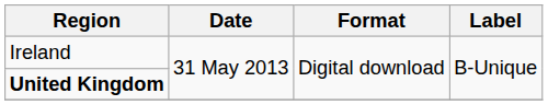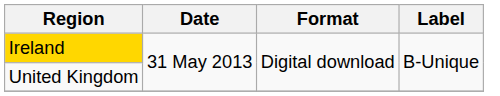 <table class=wikitable>
 <tr>
 <th>Region</th>
 <th>Date</th>
 <th>Format</th>
 <th>Label</th>
 </tr>
 <tr>
-<td>Ireland</td>
+<td style="background: gold;">Ireland</td>
 <td rowspan="2">31 May 2013</td>
 <td rowspan="2">Digital download</td>
 <td rowspan="2">B-Unique</td>
 </tr>
 <tr>
-<td><strong>United Kingdom</strong></td>
+<td>United Kingdom</td>
 </tr>
 <tr>
 </tr>
 </table>
